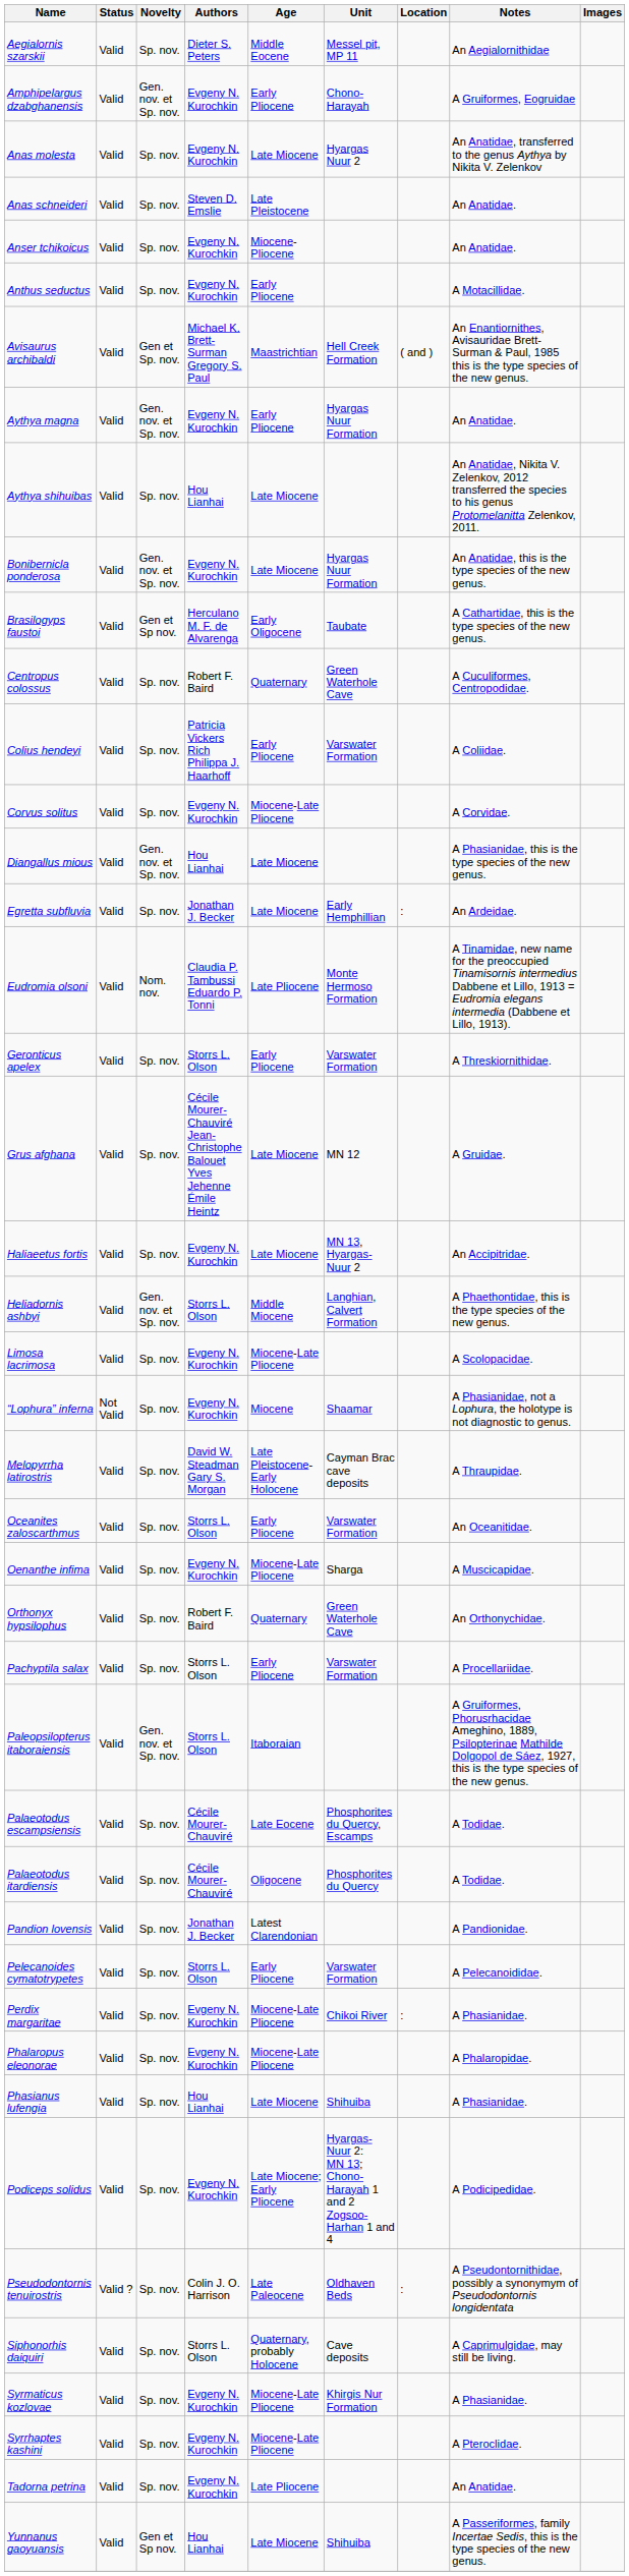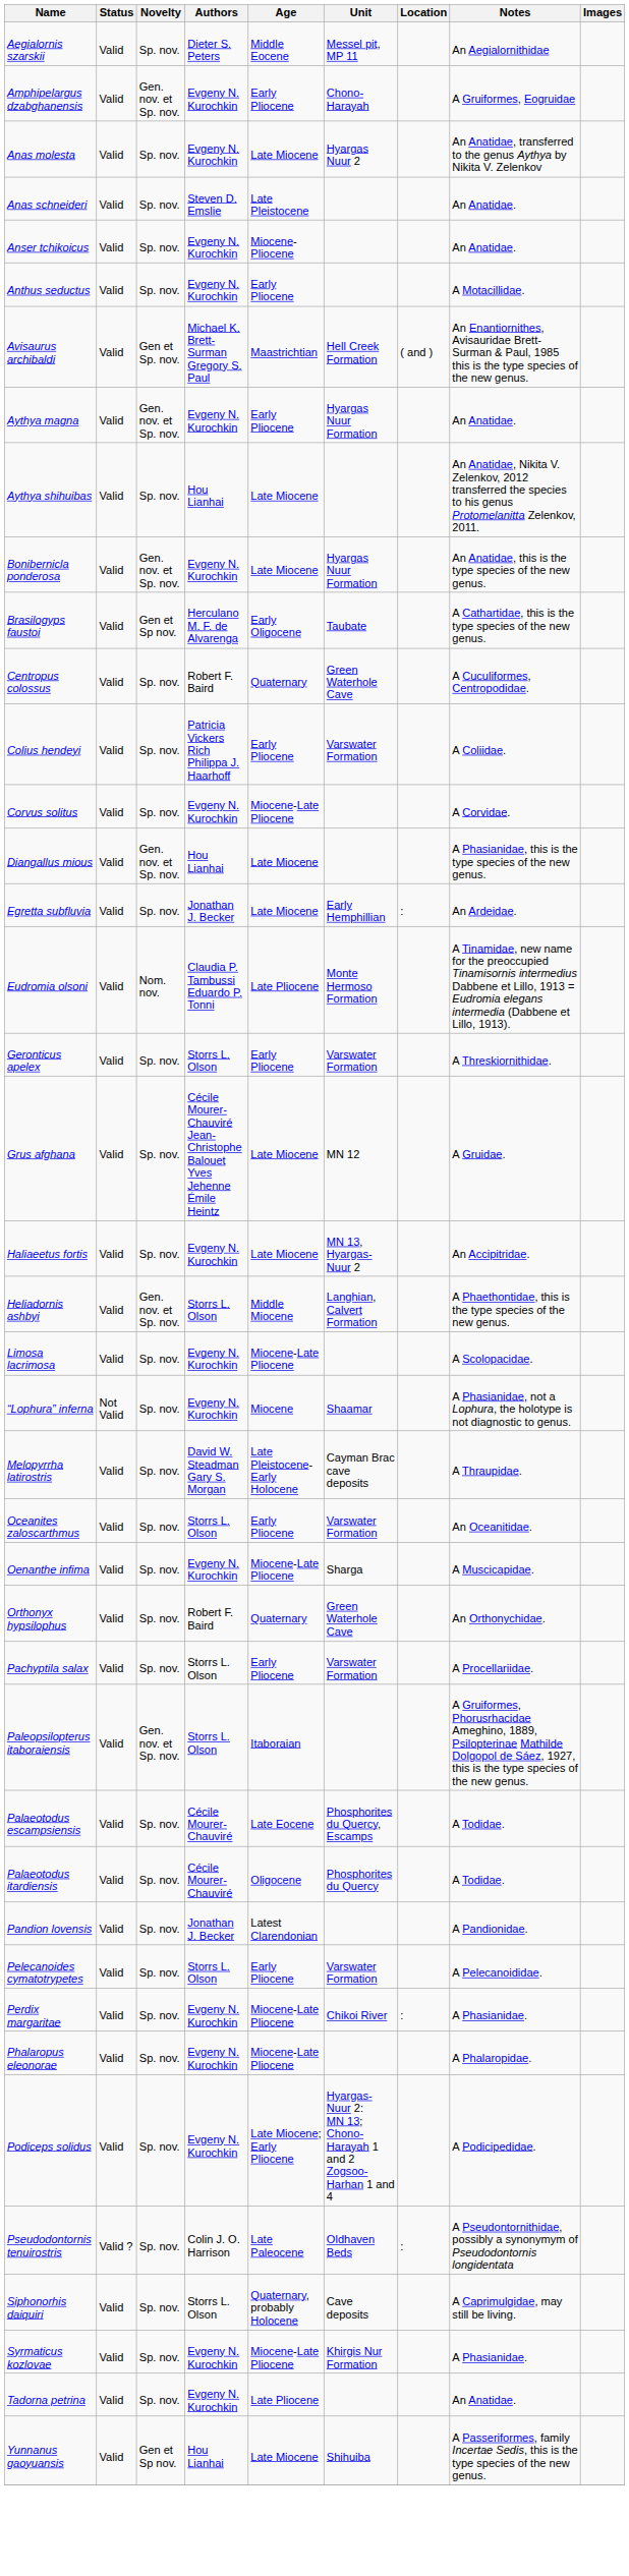 <table class="wikitable sortable" align="center" width="100%">
 <tr>
 <th>Name</th>
 <th>Status</th>
 <th>Novelty</th>
 <th>Authors</th>
 <th>Age</th>
 <th>Unit</th>
 <th>Location</th>
 <th>Notes</th>
 <th>Images</th>
 </tr>
 <tr>
 <td><br><em><a href='#'>Aegialornis szarskii</a></em> </td>
 <td><br>Valid</td>
 <td><br>Sp. nov.</td>
 <td><br><a href='#'>Dieter S. Peters</a></td>
 <td><br><a href='#'>Middle Eocene</a></td>
 <td><br><a href='#'>Messel pit</a>,<br><a href='#'>MP 11</a></td>
 <td><br></td>
 <td><br>An <a href='#'>Aegialornithidae</a></td>
 <td></td>
 </tr>
 <tr>
 <td><br><em><a href='#'>Amphipelargus dzabghanensis</a></em> </td>
 <td><br>Valid</td>
 <td><br>Gen. nov. et Sp. nov.</td>
 <td><br><a href='#'>Evgeny N. Kurochkin</a></td>
 <td><br><a href='#'>Early Pliocene</a></td>
 <td><br><a href='#'>Chono-Harayah</a></td>
 <td><br></td>
 <td><br>A <a href='#'>Gruiformes</a>, <a href='#'>Eogruidae</a></td>
 <td></td>
 </tr>
 <tr>
 <td><br><em><a href='#'>Anas molesta</a></em> </td>
 <td><br>Valid</td>
 <td><br>Sp. nov.</td>
 <td><br><a href='#'>Evgeny N. Kurochkin</a></td>
 <td><br><a href='#'>Late Miocene</a></td>
 <td><br><a href='#'>Hyargas Nuur</a> 2</td>
 <td><br></td>
 <td><br>An <a href='#'>Anatidae</a>, transferred to the genus <em>Aythya</em> by Nikita V. Zelenkov </td>
 <td></td>
 </tr>
 <tr>
 <td><br><em><a href='#'>Anas schneideri</a></em> </td>
 <td><br>Valid</td>
 <td><br>Sp. nov.</td>
 <td><br><a href='#'>Steven D. Emslie</a></td>
 <td><br><a href='#'>Late Pleistocene</a></td>
 <td></td>
 <td><br></td>
 <td><br>An <a href='#'>Anatidae</a>.</td>
 <td></td>
 </tr>
 <tr>
 <td><br><em><a href='#'>Anser tchikoicus</a></em> </td>
 <td><br>Valid</td>
 <td><br>Sp. nov.</td>
 <td><br><a href='#'>Evgeny N. Kurochkin</a></td>
 <td><br><a href='#'>Miocene</a>-<a href='#'>Pliocene</a></td>
 <td></td>
 <td><br></td>
 <td><br>An <a href='#'>Anatidae</a>.</td>
 <td></td>
 </tr>
 <tr>
 <td><br><em><a href='#'>Anthus seductus</a></em> </td>
 <td><br>Valid</td>
 <td><br>Sp. nov.</td>
 <td><br><a href='#'>Evgeny N. Kurochkin</a></td>
 <td><br><a href='#'>Early Pliocene</a></td>
 <td></td>
 <td><br></td>
 <td><br>A <a href='#'>Motacillidae</a>.</td>
 <td></td>
 </tr>
 <tr>
 <td><br><em><a href='#'>Avisaurus archibaldi</a></em> </td>
 <td><br>Valid</td>
 <td><br>Gen et Sp. nov.</td>
 <td><br><a href='#'>Michael K. Brett-Surman</a><br><a href='#'>Gregory S. Paul</a></td>
 <td><br><a href='#'>Maastrichtian</a></td>
 <td><br><a href='#'>Hell Creek Formation</a></td>
 <td><br> ( and )</td>
 <td><br>An <a href='#'>Enantiornithes</a>, Avisauridae Brett-Surman & Paul, 1985 this is the type species of the new genus.</td>
 <td></td>
 </tr>
 <tr>
 <td><br><em><a href='#'>Aythya magna</a></em> </td>
 <td><br>Valid</td>
 <td><br>Gen. nov. et Sp. nov.</td>
 <td><br><a href='#'>Evgeny N. Kurochkin</a></td>
 <td><br><a href='#'>Early Pliocene</a></td>
 <td><br><a href='#'>Hyargas Nuur Formation</a></td>
 <td><br></td>
 <td><br>An <a href='#'>Anatidae</a>.</td>
 <td></td>
 </tr>
 <tr>
 <td><br><em><a href='#'>Aythya shihuibas</a></em> </td>
 <td><br>Valid</td>
 <td><br>Sp. nov.</td>
 <td><br><a href='#'>Hou Lianhai</a></td>
 <td><br><a href='#'>Late Miocene</a></td>
 <td></td>
 <td><br></td>
 <td><br>An <a href='#'>Anatidae</a>, Nikita V. Zelenkov, 2012 transferred the species to his genus <em><a href='#'>Protomelanitta</a></em> Zelenkov, 2011.</td>
 <td></td>
 </tr>
 <tr>
 <td><br><em><a href='#'>Bonibernicla ponderosa</a></em> </td>
 <td><br>Valid</td>
 <td><br>Gen. nov. et Sp. nov.</td>
 <td><br><a href='#'>Evgeny N. Kurochkin</a></td>
 <td><br><a href='#'>Late Miocene</a></td>
 <td><br><a href='#'>Hyargas Nuur Formation</a></td>
 <td><br><br> </td>
 <td><br>An <a href='#'>Anatidae</a>, this is the type species of the new genus.</td>
 <td></td>
 </tr>
 <tr>
 <td><br><em><a href='#'>Brasilogyps faustoi</a></em> </td>
 <td><br>Valid</td>
 <td><br>Gen et Sp nov.</td>
 <td><br><a href='#'>Herculano M. F. de Alvarenga</a></td>
 <td><br><a href='#'>Early Oligocene</a></td>
 <td><br><a href='#'>Taubate</a></td>
 <td><br></td>
 <td><br>A <a href='#'>Cathartidae</a>, this is the type species of the new genus.</td>
 <td></td>
 </tr>
 <tr>
 <td><br><em><a href='#'>Centropus colossus</a></em> </td>
 <td><br>Valid</td>
 <td><br>Sp. nov.</td>
 <td><br>Robert F. Baird</td>
 <td><br><a href='#'>Quaternary</a></td>
 <td><br><a href='#'>Green Waterhole Cave</a></td>
 <td><br></td>
 <td><br>A <a href='#'>Cuculiformes</a>, <a href='#'>Centropodidae</a>.</td>
 <td></td>
 </tr>
 <tr>
 <td><br><em><a href='#'>Colius hendeyi</a></em> </td>
 <td><br>Valid</td>
 <td><br>Sp. nov.</td>
 <td><br><a href='#'>Patricia Vickers Rich</a><br><a href='#'>Philippa J. Haarhoff</a></td>
 <td><br><a href='#'>Early Pliocene</a></td>
 <td><br><a href='#'>Varswater Formation</a></td>
 <td><br></td>
 <td><br>A <a href='#'>Coliidae</a>.</td>
 <td></td>
 </tr>
 <tr>
 <td><br><em><a href='#'>Corvus solitus</a></em> </td>
 <td><br>Valid</td>
 <td><br>Sp. nov.</td>
 <td><br><a href='#'>Evgeny N. Kurochkin</a></td>
 <td><br><a href='#'>Miocene</a>-<a href='#'>Late Pliocene</a></td>
 <td></td>
 <td><br></td>
 <td><br>A <a href='#'>Corvidae</a>.</td>
 <td></td>
 </tr>
 <tr>
 <td><br><em><a href='#'>Diangallus mious</a></em> </td>
 <td><br>Valid</td>
 <td><br>Gen. nov. et Sp. nov.</td>
 <td><br><a href='#'>Hou Lianhai</a></td>
 <td><br><a href='#'>Late Miocene</a></td>
 <td></td>
 <td><br></td>
 <td><br>A <a href='#'>Phasianidae</a>, this is the type species of the new genus.</td>
 <td></td>
 </tr>
 <tr>
 <td><br><em><a href='#'>Egretta subfluvia</a></em> </td>
 <td><br>Valid</td>
 <td><br>Sp. nov.</td>
 <td><br><a href='#'>Jonathan J. Becker</a></td>
 <td><br><a href='#'>Late Miocene</a></td>
 <td><br><a href='#'>Early Hemphillian</a></td>
 <td><br>:<br></td>
 <td><br>An <a href='#'>Ardeidae</a>.</td>
 <td></td>
 </tr>
 <tr>
 <td><br><em><a href='#'>Eudromia olsoni</a></em> </td>
 <td><br>Valid</td>
 <td><br>Nom. nov.</td>
 <td><br><a href='#'>Claudia P. Tambussi</a><br><a href='#'>Eduardo P. Tonni</a></td>
 <td><br><a href='#'>Late Pliocene</a></td>
 <td><br><a href='#'>Monte Hermoso Formation</a></td>
 <td><br></td>
 <td><br>A <a href='#'>Tinamidae</a>, new name for the preoccupied <em>Tinamisornis intermedius</em> Dabbene et Lillo, 1913 = <em>Eudromia elegans intermedia</em> (Dabbene et Lillo, 1913).</td>
 <td></td>
 </tr>
 <tr>
 <td><br><em><a href='#'>Geronticus apelex</a></em> </td>
 <td><br>Valid</td>
 <td><br>Sp. nov.</td>
 <td><br><a href='#'>Storrs L. Olson</a></td>
 <td><br><a href='#'>Early Pliocene</a></td>
 <td><br><a href='#'>Varswater Formation</a></td>
 <td><br></td>
 <td><br>A <a href='#'>Threskiornithidae</a>.</td>
 <td></td>
 </tr>
 <tr>
 <td><br><em><a href='#'>Grus afghana</a></em> </td>
 <td><br>Valid</td>
 <td><br>Sp. nov.</td>
 <td><br><a href='#'>Cécile Mourer-Chauviré</a><br><a href='#'>Jean-Christophe Balouet</a><br><a href='#'>Yves Jehenne</a><br><a href='#'>Émile Heintz</a></td>
 <td><br><a href='#'>Late Miocene</a></td>
 <td><br>MN 12</td>
 <td><br></td>
 <td><br>A <a href='#'>Gruidae</a>.</td>
 <td></td>
 </tr>
 <tr>
 <td><br><em><a href='#'>Haliaeetus fortis</a></em> </td>
 <td><br>Valid</td>
 <td><br>Sp. nov.</td>
 <td><br><a href='#'>Evgeny N. Kurochkin</a></td>
 <td><br><a href='#'>Late Miocene</a></td>
 <td><br><a href='#'>MN 13</a>,<br><a href='#'>Hyargas-Nuur</a> 2</td>
 <td><br></td>
 <td><br>An <a href='#'>Accipitridae</a>.</td>
 <td></td>
 </tr>
 <tr>
 <td><br><em><a href='#'>Heliadornis ashbyi</a></em> </td>
 <td><br>Valid</td>
 <td><br>Gen. nov. et Sp. nov.</td>
 <td><br><a href='#'>Storrs L. Olson</a></td>
 <td><br><a href='#'>Middle Miocene</a></td>
 <td><br><a href='#'>Langhian</a>,<br><a href='#'>Calvert Formation</a></td>
 <td><br><br> <br> </td>
 <td><br>A <a href='#'>Phaethontidae</a>, this is the type species of the new genus.</td>
 <td></td>
 </tr>
 <tr>
 <td><br><em><a href='#'>Limosa lacrimosa</a></em> </td>
 <td><br>Valid</td>
 <td><br>Sp. nov.</td>
 <td><br><a href='#'>Evgeny N. Kurochkin</a></td>
 <td><br><a href='#'>Miocene</a>-<a href='#'>Late Pliocene</a></td>
 <td></td>
 <td><br></td>
 <td><br>A <a href='#'>Scolopacidae</a>.</td>
 <td></td>
 </tr>
 <tr>
 <td><br><em><a href='#'>“Lophura” inferna</a></em> </td>
 <td><br>Not Valid</td>
 <td><br>Sp. nov.</td>
 <td><br><a href='#'>Evgeny N. Kurochkin</a></td>
 <td><br><a href='#'>Miocene</a></td>
 <td><br><a href='#'>Shaamar</a></td>
 <td><br></td>
 <td><br>A <a href='#'>Phasianidae</a>, not a <em>Lophura</em>, the holotype is not diagnostic to genus.</td>
 <td></td>
 </tr>
 <tr>
 <td><br><em><a href='#'>Melopyrrha latirostris</a></em> </td>
 <td><br>Valid</td>
 <td><br>Sp. nov.</td>
 <td><br><a href='#'>David W. Steadman</a><br><a href='#'>Gary S. Morgan</a></td>
 <td><br><a href='#'>Late Pleistocene</a>-<a href='#'>Early Holocene</a></td>
 <td><br>Cayman Brac cave deposits</td>
 <td><br></td>
 <td><br>A <a href='#'>Thraupidae</a>.</td>
 <td></td>
 </tr>
 <tr>
 <td><br><em><a href='#'>Oceanites zaloscarthmus</a></em> </td>
 <td><br>Valid</td>
 <td><br>Sp. nov.</td>
 <td><br><a href='#'>Storrs L. Olson</a></td>
 <td><br><a href='#'>Early Pliocene</a></td>
 <td><br><a href='#'>Varswater Formation</a></td>
 <td><br></td>
 <td><br>An <a href='#'>Oceanitidae</a>.</td>
 <td></td>
 </tr>
 <tr>
 <td><br><em><a href='#'>Oenanthe infima</a></em> </td>
 <td><br>Valid</td>
 <td><br>Sp. nov.</td>
 <td><br><a href='#'>Evgeny N. Kurochkin</a></td>
 <td><br><a href='#'>Miocene</a>-<a href='#'>Late Pliocene</a></td>
 <td><br>Sharga</td>
 <td><br></td>
 <td><br>A <a href='#'>Muscicapidae</a>.</td>
 <td></td>
 </tr>
 <tr>
 <td><br><em><a href='#'>Orthonyx hypsilophus</a></em> </td>
 <td><br>Valid</td>
 <td><br>Sp. nov.</td>
 <td><br>Robert F. Baird</td>
 <td><br><a href='#'>Quaternary</a></td>
 <td><br><a href='#'>Green Waterhole Cave</a></td>
 <td><br></td>
 <td><br>An <a href='#'>Orthonychidae</a>.</td>
 <td></td>
 </tr>
 <tr>
 <td><br><em><a href='#'>Pachyptila salax</a></em> </td>
 <td><br>Valid</td>
 <td><br>Sp. nov.</td>
 <td><br>Storrs L. Olson</td>
 <td><br><a href='#'>Early Pliocene</a></td>
 <td><br><a href='#'>Varswater Formation</a></td>
 <td><br></td>
 <td><br>A <a href='#'>Procellariidae</a>.</td>
 <td></td>
 </tr>
 <tr>
 <td><br><em><a href='#'>Paleopsilopterus itaboraiensis</a></em> </td>
 <td><br>Valid</td>
 <td><br>Gen. nov. et Sp. nov.</td>
 <td><br><a href='#'>Storrs L. Olson</a></td>
 <td><br><a href='#'>Itaboraian</a></td>
 <td></td>
 <td><br></td>
 <td><br>A <a href='#'>Gruiformes</a>, <a href='#'>Phorusrhacidae</a> Ameghino, 1889, <a href='#'>Psilopterinae</a>   <a href='#'>Mathilde Dolgopol de Sáez</a>, 1927, this is the type species of the new genus.</td>
 <td></td>
 </tr>
 <tr>
 <td><br><em><a href='#'>Palaeotodus escampsiensis</a></em> </td>
 <td><br>Valid</td>
 <td><br>Sp. nov.</td>
 <td><br><a href='#'>Cécile Mourer-Chauviré</a></td>
 <td><br><a href='#'>Late Eocene</a></td>
 <td><br><a href='#'>Phosphorites du Quercy</a>,<br><a href='#'>Escamps</a></td>
 <td><br></td>
 <td><br>A <a href='#'>Todidae</a>.</td>
 <td></td>
 </tr>
 <tr>
 <td><br><em><a href='#'>Palaeotodus itardiensis</a></em> </td>
 <td><br>Valid</td>
 <td><br>Sp. nov.</td>
 <td><br><a href='#'>Cécile Mourer-Chauviré</a></td>
 <td><br><a href='#'>Oligocene</a></td>
 <td><br><a href='#'>Phosphorites du Quercy</a></td>
 <td><br></td>
 <td><br>A <a href='#'>Todidae</a>.</td>
 <td></td>
 </tr>
 <tr>
 <td><br><em><a href='#'>Pandion lovensis</a></em> </td>
 <td><br>Valid</td>
 <td><br>Sp. nov.</td>
 <td><br><a href='#'>Jonathan J. Becker</a></td>
 <td><br>Latest <a href='#'>Clarendonian</a></td>
 <td></td>
 <td><br></td>
 <td><br>A <a href='#'>Pandionidae</a>.</td>
 <td></td>
 </tr>
 <tr>
 <td><br><em><a href='#'>Pelecanoides cymatotrypetes</a></em> </td>
 <td><br>Valid</td>
 <td><br>Sp. nov.</td>
 <td><br><a href='#'>Storrs L. Olson</a></td>
 <td><br><a href='#'>Early Pliocene</a></td>
 <td><br><a href='#'>Varswater Formation</a></td>
 <td><br></td>
 <td><br>A <a href='#'>Pelecanoididae</a>.</td>
 <td></td>
 </tr>
 <tr>
 <td><br><em><a href='#'>Perdix margaritae</a></em> </td>
 <td><br>Valid</td>
 <td><br>Sp. nov.</td>
 <td><br><a href='#'>Evgeny N. Kurochkin</a></td>
 <td><br><a href='#'>Miocene</a>-<a href='#'>Late Pliocene</a></td>
 <td><br><a href='#'>Chikoi River</a></td>
 <td><br>:<br></td>
 <td><br>A <a href='#'>Phasianidae</a>.</td>
 <td></td>
 </tr>
 <tr>
 <td><br><em><a href='#'>Phalaropus eleonorae</a></em> </td>
 <td><br>Valid</td>
 <td><br>Sp. nov.</td>
 <td><br><a href='#'>Evgeny N. Kurochkin</a></td>
 <td><br><a href='#'>Miocene</a>-<a href='#'>Late Pliocene</a></td>
 <td></td>
 <td><br></td>
 <td><br>A <a href='#'>Phalaropidae</a>.</td>
 <td></td>
 </tr>
 <tr>
-<td><br><em><a href='#'>Phasianus lufengia</a></em> </td>
-<td><br>Valid</td>
-<td><br>Sp. nov.</td>
-<td><br><a href='#'>Hou Lianhai</a></td>
-<td><br><a href='#'>Late Miocene</a></td>
-<td><br><a href='#'>Shihuiba</a></td>
-<td><br></td>
-<td><br>A <a href='#'>Phasianidae</a>.</td>
-<td></td>
-</tr>
-<tr>
 <td><br><em><a href='#'>Podiceps solidus</a></em> </td>
 <td><br>Valid</td>
 <td><br>Sp. nov.</td>
 <td><br><a href='#'>Evgeny N. Kurochkin</a></td>
 <td><br><a href='#'>Late Miocene</a>;<br><a href='#'>Early Pliocene</a></td>
 <td><br><a href='#'>Hyargas-Nuur</a> 2:<br><a href='#'>MN 13</a>;<br> <a href='#'>Chono-Harayah</a> 1 and 2 <br> <a href='#'>Zogsoo-Harhan</a> 1 and 4</td>
 <td><br></td>
 <td><br>A <a href='#'>Podicipedidae</a>.</td>
 <td></td>
 </tr>
 <tr>
 <td><br><em><a href='#'>Pseudodontornis tenuirostris</a></em> </td>
 <td><br>Valid ?</td>
 <td><br>Sp. nov.</td>
 <td><br>Colin J. O. Harrison</td>
 <td><br><a href='#'>Late Paleocene</a></td>
 <td><br><a href='#'>Oldhaven Beds</a></td>
 <td><br>:<br></td>
 <td><br>A <a href='#'>Pseudontornithidae</a>, possibly a synonymym of <em>Pseudodontornis longidentata</em></td>
 <td></td>
 </tr>
 <tr>
 <td><br><em><a href='#'>Siphonorhis daiquiri</a></em></td>
 <td><br>Valid</td>
 <td><br>Sp. nov.</td>
 <td><br>Storrs L. Olson</td>
 <td><br><a href='#'>Quaternary</a>, probably <a href='#'>Holocene</a></td>
 <td><br>Cave deposits</td>
 <td><br></td>
 <td><br>A <a href='#'>Caprimulgidae</a>, may still be living.</td>
 <td></td>
 </tr>
 <tr>
 <td><br><em><a href='#'>Syrmaticus kozlovae</a></em> </td>
 <td><br>Valid</td>
 <td><br>Sp. nov.</td>
 <td><br><a href='#'>Evgeny N. Kurochkin</a></td>
 <td><br><a href='#'>Miocene</a>-<a href='#'>Late Pliocene</a></td>
 <td><br><a href='#'>Khirgis Nur Formation</a></td>
 <td><br></td>
 <td><br>A <a href='#'>Phasianidae</a>.</td>
 <td></td>
 </tr>
 <tr>
-<td><br><em><a href='#'>Syrrhaptes kashini</a></em> </td>
-<td><br>Valid</td>
-<td><br>Sp. nov.</td>
-<td><br><a href='#'>Evgeny N. Kurochkin</a></td>
-<td><br><a href='#'>Miocene</a>-<a href='#'>Late Pliocene</a></td>
-<td></td>
-<td><br></td>
-<td><br>A <a href='#'>Pteroclidae</a>.</td>
-<td></td>
-</tr>
-<tr>
 <td><br><em><a href='#'>Tadorna petrina</a></em> </td>
 <td><br>Valid</td>
 <td><br>Sp. nov.</td>
 <td><br><a href='#'>Evgeny N. Kurochkin</a></td>
 <td><br><a href='#'>Late Pliocene</a></td>
 <td></td>
 <td><br></td>
 <td><br>An <a href='#'>Anatidae</a>.</td>
 <td></td>
 </tr>
 <tr>
 <td><br><em><a href='#'>Yunnanus gaoyuansis</a></em> </td>
 <td><br>Valid</td>
 <td><br>Gen et Sp nov.</td>
 <td><br><a href='#'>Hou Lianhai</a></td>
 <td><br><a href='#'>Late Miocene</a></td>
 <td><br><a href='#'>Shihuiba</a></td>
 <td><br></td>
 <td><br>A <a href='#'>Passeriformes</a>, family <em>Incertae Sedis</em>, this is the type species of the new genus.</td>
 <td></td>
 </tr>
 <tr>
 </tr>
 </table>
